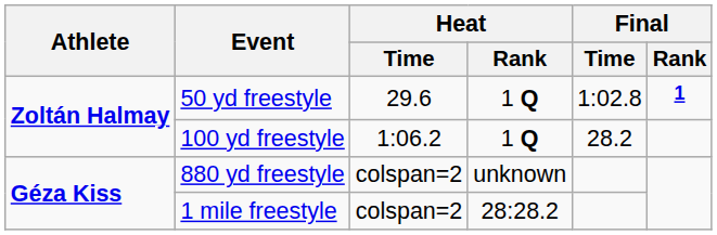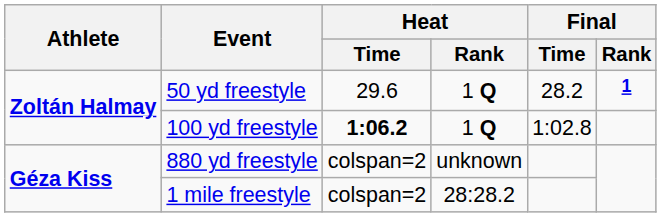 <table class=wikitable style="font-size:90%; text-align:center">
 <tr>
 <th rowspan=2>Athlete</th>
 <th rowspan=2>Event</th>
 <th colspan=2>Heat</th>
 <th colspan=2>Final</th>
 </tr>
 <tr style="font-size:95%">
 <th>Time</th>
 <th>Rank</th>
 <th>Time</th>
 <th>Rank</th>
 </tr>
 <tr>
 <td rowspan=2 align=left><strong><a href='#'>Zoltán Halmay</a></strong></td>
 <td align=left><a href='#'>50 yd freestyle</a></td>
 <td>29.6</td>
 <td>1 <strong>Q</strong></td>
-<td>1:02.8</td>
+<td>28.2</td>
 <td><strong><sup><a href='#'>1</a></sup></strong></td>
 </tr>
 <tr>
 <td align=left><a href='#'>100 yd freestyle</a></td>
-<td>1:06.2</td>
+<td><strong>1:06.2</strong></td>
 <td>1 <strong>Q</strong></td>
-<td>28.2</td>
+<td>1:02.8</td>
 <td></td>
 </tr>
 <tr>
 <td rowspan=2 align=left><strong><a href='#'>Géza Kiss</a></strong></td>
 <td align=left><a href='#'>880 yd freestyle</a></td>
 <td>colspan=2 </td>
 <td>unknown</td>
 <td></td>
 </tr>
 <tr>
 <td align=left><a href='#'>1 mile freestyle</a></td>
 <td>colspan=2 </td>
 <td>28:28.2</td>
 <td></td>
 </tr>
 </table>
